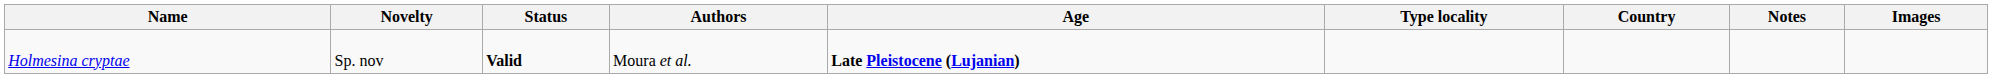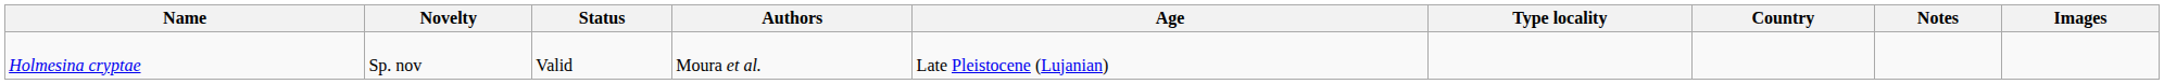 <table class="wikitable sortable" align="center" width="100%">
 <tr>
 <th>Name</th>
 <th>Novelty</th>
 <th>Status</th>
 <th>Authors</th>
 <th>Age</th>
 <th>Type locality</th>
 <th>Country</th>
 <th>Notes</th>
 <th>Images</th>
 </tr>
 <tr>
 <td><br><em><a href='#'>Holmesina cryptae</a></em></td>
 <td><br>Sp. nov</td>
-<td><strong><br>Valid</strong></td>
+<td><br>Valid</td>
 <td><br>Moura <em>et al.</em></td>
-<td><strong><br>Late <a href='#'>Pleistocene</a> (<a href='#'>Lujanian</a>)</strong></td>
+<td><br>Late <a href='#'>Pleistocene</a> (<a href='#'>Lujanian</a>)</td>
 <td></td>
 <td><br></td>
 <td></td>
 <td></td>
 </tr>
 <tr>
 </tr>
 </table>
